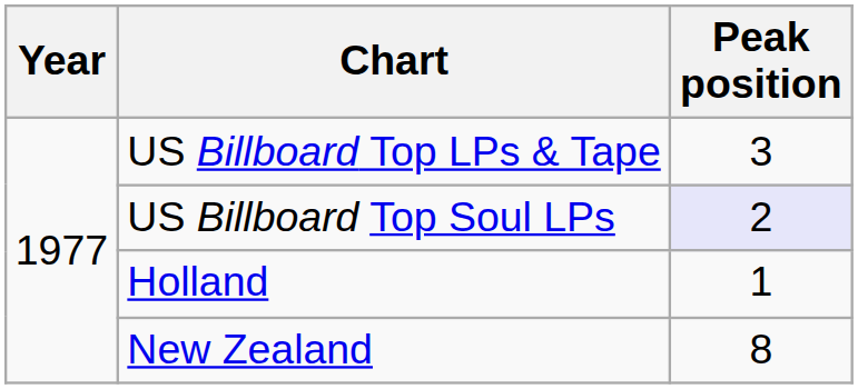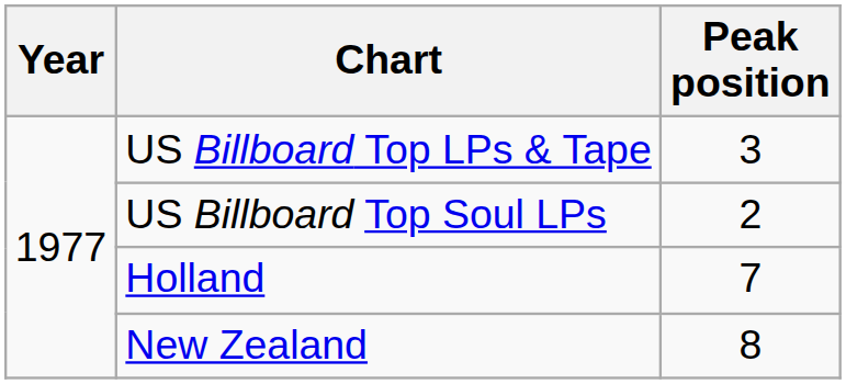 <table class="wikitable sortable plainrowheaders">
 <tr>
 <th scope="col">Year</th>
 <th scope="col">Chart</th>
 <th scope="col">Peak<br>position</th>
 </tr>
 <tr>
 <td rowspan=4>1977</td>
 <td>US <a href='#'><em>Billboard</em> Top LPs & Tape</a></td>
 <td align="center">3</td>
 </tr>
 <tr>
 <td>US <em>Billboard</em> <a href='#'>Top Soul LPs</a></td>
-<td align="center" style="background: lavender;">2</td>
+<td align="center">2</td>
 </tr>
 <tr>
 <td><a href='#'>Holland</a></td>
-<td align="center">1</td>
+<td align="center">7</td>
 </tr>
 <tr>
 <td><a href='#'>New Zealand</a></td>
 <td align="center">8</td>
 </tr>
 </table>
